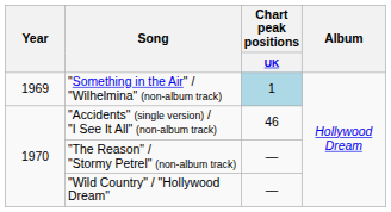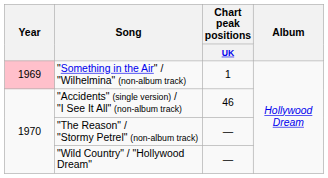 <table class="wikitable">
 <tr>
 <th style="width:70px;" rowspan="2">Year</th>
 <th style="width:220px;" rowspan="2">Song</th>
 <th>Chart peak positions</th>
 <th rowspan="2" style="width:100px;">Album</th>
 </tr>
 <tr>
 <th width=30><small><a href='#'>UK</a></small></th>
 </tr>
 <tr>
-<td style="text-align:center;">1969</td>
+<td style="background: pink; text-align:center;">1969</td>
 <td>"<a href='#'>Something in the Air</a>" / "Wilhelmina" <small>(non-album track)</small></td>
-<td align=center style="background: lightblue;">1</td>
+<td align=center>1</td>
 <td rowspan="7;" style="text-align:center;"><em><a href='#'>Hollywood Dream</a></em></td>
 </tr>
 <tr>
 <td rowspan="3" style="text-align:center;">1970</td>
 <td>"Accidents" <small>(single version)</small> /<br>"I See It All" <small>(non-album track)</small></td>
 <td align=center>46</td>
 </tr>
 <tr>
 <td>"The Reason" /<br>"Stormy Petrel" <small>(non-album track)</small></td>
 <td align=center>—</td>
 </tr>
 <tr>
 <td>"Wild Country" / "Hollywood Dream"</td>
 <td align=center>—</td>
 </tr>
 </table>
